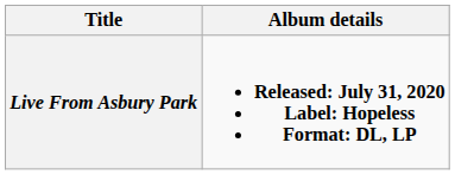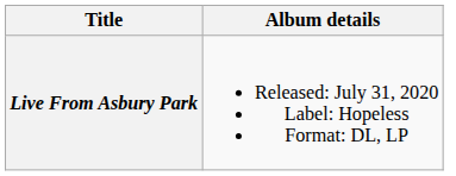 <table class="wikitable plainrowheaders" style="text-align:center;">
 <tr>
 <th scope="col" rowspan="1">Title</th>
 <th scope="col" rowspan="1">Album details</th>
 </tr>
 <tr>
 <th scope="row"><em>Live From Asbury Park</em></th>
-<td><strong><br><ul><li>Released: July 31, 2020</li><li>Label: Hopeless</li><li>Format: DL, LP</li></ul></strong></td>
+<td><br><ul><li>Released: July 31, 2020</li><li>Label: Hopeless</li><li>Format: DL, LP</li></ul></td>
 </tr>
 </table>
